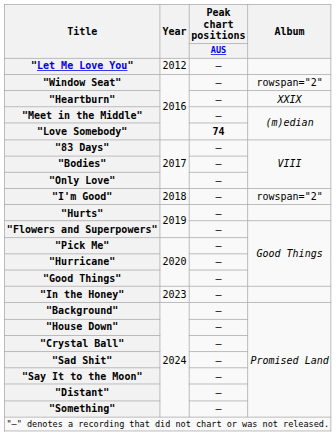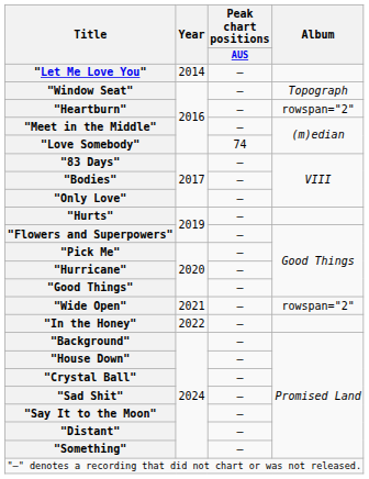 <table class="wikitable plainrowheaders" style=text-align:center;>
 <tr>
 <th scope="col" rowspan="2">Title</th>
 <th scope="col" rowspan="2">Year</th>
 <th scope="col" colspan="1">Peak chart positions</th>
 <th scope="col" rowspan="2">Album</th>
 </tr>
 <tr>
 <th scope="col" style="width:2.5em;font-size:85%;"><a href='#'>AUS</a><br></th>
 </tr>
 <tr>
 <th scope="row">"<a href='#'>Let Me Love You</a>"</th>
-<td>2012</td>
+<td>2014</td>
 <td>—</td>
 <td></td>
 </tr>
 <tr>
 <th scope="row">"Window Seat"<br></th>
 <td rowspan="4">2016</td>
 <td>—</td>
-<td>rowspan="2" </td>
+<td><em>Topograph</em></td>
 </tr>
 <tr>
 <th scope="row">"Heartburn"</th>
 <td>—</td>
-<td><em>XXIX</em></td>
+<td>rowspan="2" </td>
 </tr>
 <tr>
 <th scope="row">"Meet in the Middle"<br></th>
 <td>—</td>
 <td rowspan="2"><em>(m)edian</em></td>
 </tr>
 <tr>
 <th scope="row">"Love Somebody"<br></th>
-<td><strong>74</strong></td>
+<td>74</td>
 </tr>
 <tr>
 <th scope="row">"83 Days"</th>
 <td rowspan="3">2017</td>
 <td>—</td>
 <td rowspan="3"><em>VIII</em></td>
 </tr>
 <tr>
 <th scope="row">"Bodies"</th>
 <td>—</td>
 </tr>
 <tr>
 <th scope="row">"Only Love"</th>
 <td>—</td>
-</tr>
-<tr>
-<th scope="row">"I'm Good"</th>
-<td>2018</td>
-<td>—</td>
-<td>rowspan="2" </td>
 </tr>
 <tr>
 <th scope="row">"Hurts"<br></th>
 <td rowspan="2">2019</td>
 <td>—</td>
 </tr>
 <tr>
 <th scope="row">"Flowers and Superpowers"</th>
 <td>—</td>
 <td rowspan="4"><em>Good Things</em></td>
 </tr>
 <tr>
 <th scope="row">"Pick Me"</th>
 <td rowspan="3">2020</td>
 <td>—</td>
 </tr>
 <tr>
 <th scope="row">"Hurricane"</th>
 <td>—</td>
 </tr>
 <tr>
 <th scope="row">"Good Things"</th>
 <td>—</td>
 </tr>
 <tr>
+<th scope="row">"Wide Open"<br></th>
+<td>2021</td>
+<td>—</td>
+<td>rowspan="2" </td>
+</tr>
+<tr>
 <th scope="row">"In the Honey"</th>
-<td>2023</td>
+<td>2022</td>
 <td>—</td>
 </tr>
 <tr>
 <th scope="row">"Background"</th>
 <td rowspan="7">2024</td>
 <td>—</td>
 <td rowspan="7"><em>Promised Land</em></td>
 </tr>
 <tr>
 <th scope="row">"House Down"</th>
 <td>—</td>
 </tr>
 <tr>
 <th scope="row">"Crystal Ball"</th>
 <td>—</td>
 </tr>
 <tr>
 <th scope="row">"Sad Shit"</th>
 <td>—</td>
 </tr>
 <tr>
 <th scope="row">"Say It to the Moon"</th>
 <td>—</td>
 </tr>
 <tr>
 <th scope="row">"Distant"</th>
 <td>—</td>
 </tr>
 <tr>
 <th scope="row">"Something"</th>
 <td>—</td>
 </tr>
 <tr>
 <td colspan="4" style="font-size:85%">"—" denotes a recording that did not chart or was not released.</td>
 </tr>
 </table>
